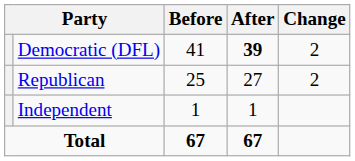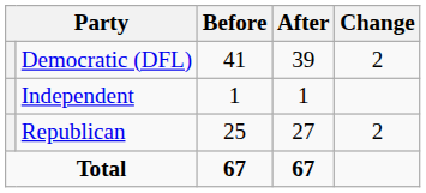 <table class="wikitable" style="text-align:center;">
 <tr>
 <th colspan="2">Party</th>
 <th>Before</th>
 <th>After</th>
 <th>Change</th>
 </tr>
 <tr>
 <th style="background-color:"></th>
 <td style="text-align:left;"><a href='#'>Democratic (DFL)</a></td>
 <td>41</td>
-<td><strong>39</strong></td>
-<td> 2</td>
-</tr>
-<tr>
-<th style="background-color:"></th>
-<td style="text-align:left;"><a href='#'>Republican</a></td>
-<td>25</td>
-<td>27</td>
+<td>39</td>
 <td> 2</td>
 </tr>
 <tr>
 <th style="background-color:"></th>
 <td style="text-align:left;"><a href='#'>Independent</a></td>
 <td>1</td>
 <td>1</td>
 <td></td>
 </tr>
 <tr>
+<th style="background-color:"></th>
+<td style="text-align:left;"><a href='#'>Republican</a></td>
+<td>25</td>
+<td>27</td>
+<td> 2</td>
+</tr>
+<tr>
 <td colspan="2"><strong>Total</strong></td>
 <td><strong>67</strong></td>
 <td><strong>67</strong></td>
 <td></td>
 </tr>
 </table>
